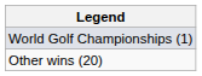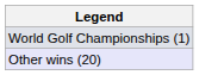 <table class="wikitable" style="font-size:95%;">
 <tr>
 <th>Legend</th>
 </tr>
 <tr style="background:#dfe2e9;">
 <td>World Golf Championships (1)</td>
 </tr>
 <tr>
-<td>Other wins (20)</td>
+<td style="background: lavender;">Other wins (20)</td>
 </tr>
 </table>
